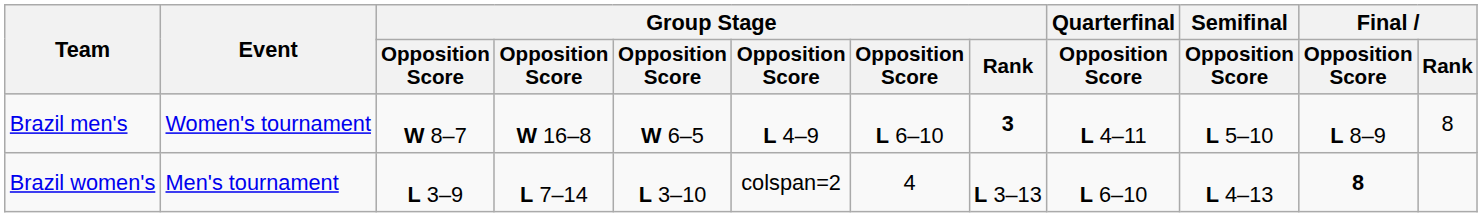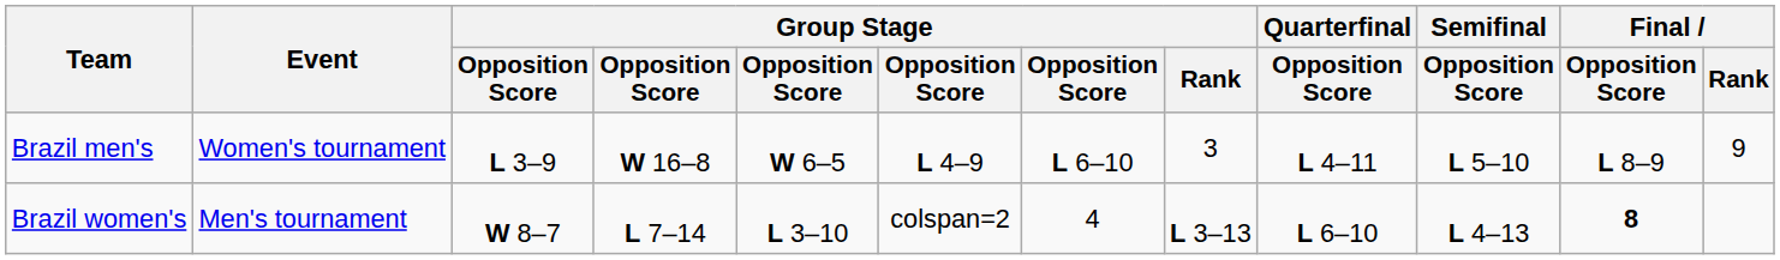 <table class="wikitable" style="font-size:90%">
 <tr>
 <th rowspan=2>Team</th>
 <th rowspan=2>Event</th>
 <th colspan=6>Group Stage</th>
 <th>Quarterfinal</th>
 <th>Semifinal</th>
 <th colspan=2>Final / </th>
 </tr>
 <tr style="font-size:95%">
 <th>Opposition<br>Score</th>
 <th>Opposition<br>Score</th>
 <th>Opposition<br>Score</th>
 <th>Opposition<br>Score</th>
 <th>Opposition<br>Score</th>
 <th>Rank</th>
 <th>Opposition<br>Score</th>
 <th>Opposition<br>Score</th>
 <th>Opposition<br>Score</th>
 <th>Rank</th>
 </tr>
 <tr align=center>
 <td align=left><a href='#'>Brazil men's</a></td>
 <td align=left><a href='#'>Women's tournament</a></td>
-<td><br><strong>W</strong> 8–7</td>
+<td><br><strong>L</strong> 3–9</td>
 <td><br><strong>W</strong> 16–8</td>
 <td><br><strong>W</strong> 6–5</td>
 <td><br><strong>L</strong> 4–9</td>
 <td><br><strong>L</strong> 6–10</td>
-<td><strong>3</strong></td>
+<td>3</td>
 <td><br><strong>L</strong> 4–11</td>
 <td><br><strong>L</strong> 5–10</td>
 <td><br><strong>L</strong> 8–9</td>
-<td>8</td>
+<td>9</td>
 </tr>
 <tr align=center>
 <td align=left><a href='#'>Brazil women's</a></td>
 <td align=left><a href='#'>Men's tournament</a></td>
-<td><br><strong>L</strong> 3–9</td>
+<td><br><strong>W</strong> 8–7</td>
 <td><br><strong>L</strong> 7–14</td>
 <td><br><strong>L</strong> 3–10</td>
 <td>colspan=2 </td>
 <td>4</td>
 <td><br><strong>L</strong> 3–13</td>
 <td><br><strong>L</strong> 6–10</td>
 <td><br><strong>L</strong> 4–13</td>
 <td><strong>8</strong></td>
 </tr>
 </table>
